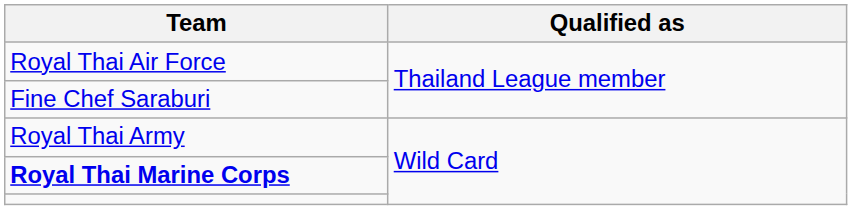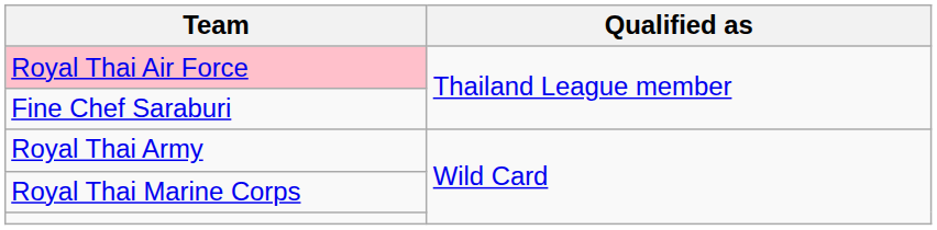 <table class="wikitable">
 <tr>
 <th width=250>Team</th>
 <th width=300>Qualified as</th>
 </tr>
 <tr>
-<td><a href='#'>Royal Thai Air Force</a></td>
+<td style="background: pink;"><a href='#'>Royal Thai Air Force</a></td>
 <td rowspan=2><a href='#'>Thailand League member</a></td>
 </tr>
 <tr>
 <td><a href='#'>Fine Chef Saraburi</a></td>
 </tr>
 <tr>
 <td><a href='#'>Royal Thai Army</a></td>
 <td rowspan=3><a href='#'>Wild Card</a></td>
 </tr>
 <tr>
-<td><strong><a href='#'>Royal Thai Marine Corps</a></strong></td>
+<td><a href='#'>Royal Thai Marine Corps</a></td>
 </tr>
 <tr>
 <td></td>
 </tr>
 </table>
